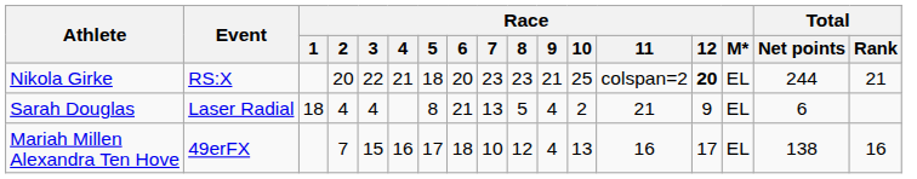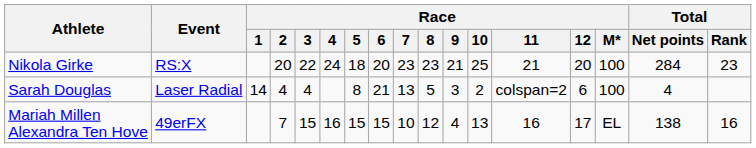 <table class=wikitable style=font-size:90%;text-align:center>
 <tr>
 <th rowspan=2>Athlete</th>
 <th rowspan=2>Event</th>
 <th colspan=13>Race</th>
 <th colspan=2>Total</th>
 </tr>
 <tr style=font-size:95%>
 <th>1</th>
 <th>2</th>
 <th>3</th>
 <th>4</th>
 <th>5</th>
 <th>6</th>
 <th>7</th>
 <th>8</th>
 <th>9</th>
 <th>10</th>
 <th>11</th>
 <th>12</th>
 <th>M*</th>
 <th>Net points</th>
 <th>Rank</th>
 </tr>
 <tr>
 <td align=left><a href='#'>Nikola Girke</a></td>
 <td align=left><a href='#'>RS:X</a></td>
 <td></td>
 <td>20</td>
 <td>22</td>
-<td>21</td>
+<td>24</td>
 <td>18</td>
 <td>20</td>
 <td>23</td>
 <td>23</td>
 <td>21</td>
 <td>25</td>
-<td>colspan=2 </td>
-<td><strong>20</strong></td>
-<td>EL</td>
-<td>244</td>
 <td>21</td>
+<td>20</td>
+<td>100</td>
+<td>284</td>
+<td>23</td>
 </tr>
 <tr>
 <td align=left><a href='#'>Sarah Douglas</a></td>
 <td align=left><a href='#'>Laser Radial</a></td>
-<td>18</td>
+<td>14</td>
 <td>4</td>
 <td>4</td>
 <td></td>
 <td>8</td>
 <td>21</td>
 <td>13</td>
 <td>5</td>
+<td>3</td>
+<td>2</td>
+<td>colspan=2 </td>
+<td>6</td>
+<td>100</td>
 <td>4</td>
-<td>2</td>
-<td>21</td>
-<td>9</td>
-<td>EL</td>
-<td>6</td>
 </tr>
 <tr>
 <td align=left><a href='#'>Mariah Millen</a><br><a href='#'>Alexandra Ten Hove</a></td>
 <td align=left><a href='#'>49erFX</a></td>
 <td></td>
 <td>7</td>
 <td>15</td>
 <td>16</td>
-<td>17</td>
-<td>18</td>
+<td>15</td>
+<td>15</td>
 <td>10</td>
 <td>12</td>
 <td>4</td>
 <td>13</td>
 <td>16</td>
 <td>17</td>
 <td>EL</td>
 <td>138</td>
 <td>16</td>
 </tr>
 </table>
